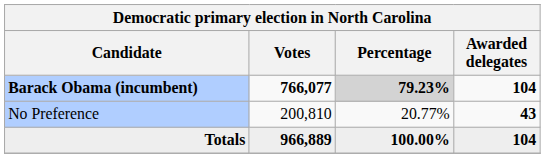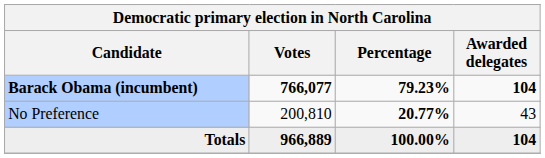 <table class="wikitable" style="font-size: 95%;">
 <tr>
 <th colspan="6">Democratic primary election in North Carolina</th>
 </tr>
 <tr>
 <th style="width: 15em">Candidate</th>
 <th style="width: 5em">Votes</th>
 <th style="width: 7em">Percentage</th>
 <th style="width: 5em">Awarded delegates</th>
 </tr>
 <tr>
 <td style="width: 130px;font-weight:bold;background:#B0CEFF">Barack Obama (incumbent)</td>
 <td align="right" style="font-weight:bold">766,077</td>
-<td align="right" style="background: lightgrey; font-weight:bold">79.23%</td>
+<td align="right" style="font-weight:bold">79.23%</td>
 <td align="right" style="font-weight:bold">104</td>
 </tr>
 <tr>
 <td style="width: 130px;background:#B0CEFF">No Preference</td>
 <td align="right">200,810</td>
-<td align="right">20.77%</td>
-<td align="right"><strong>43</strong></td>
+<td align="right"><strong>20.77%</strong></td>
+<td align="right">43</td>
 </tr>
 <tr bgcolor="#EEEEEE">
 <td align="right"><strong>Totals</strong></td>
 <td align="right"><strong>966,889</strong></td>
 <td align="right"><strong>100.00%</strong></td>
 <td align="right"><strong>104</strong></td>
 </tr>
 <tr bgcolor="#EEEEEE">
 </tr>
 </table>
